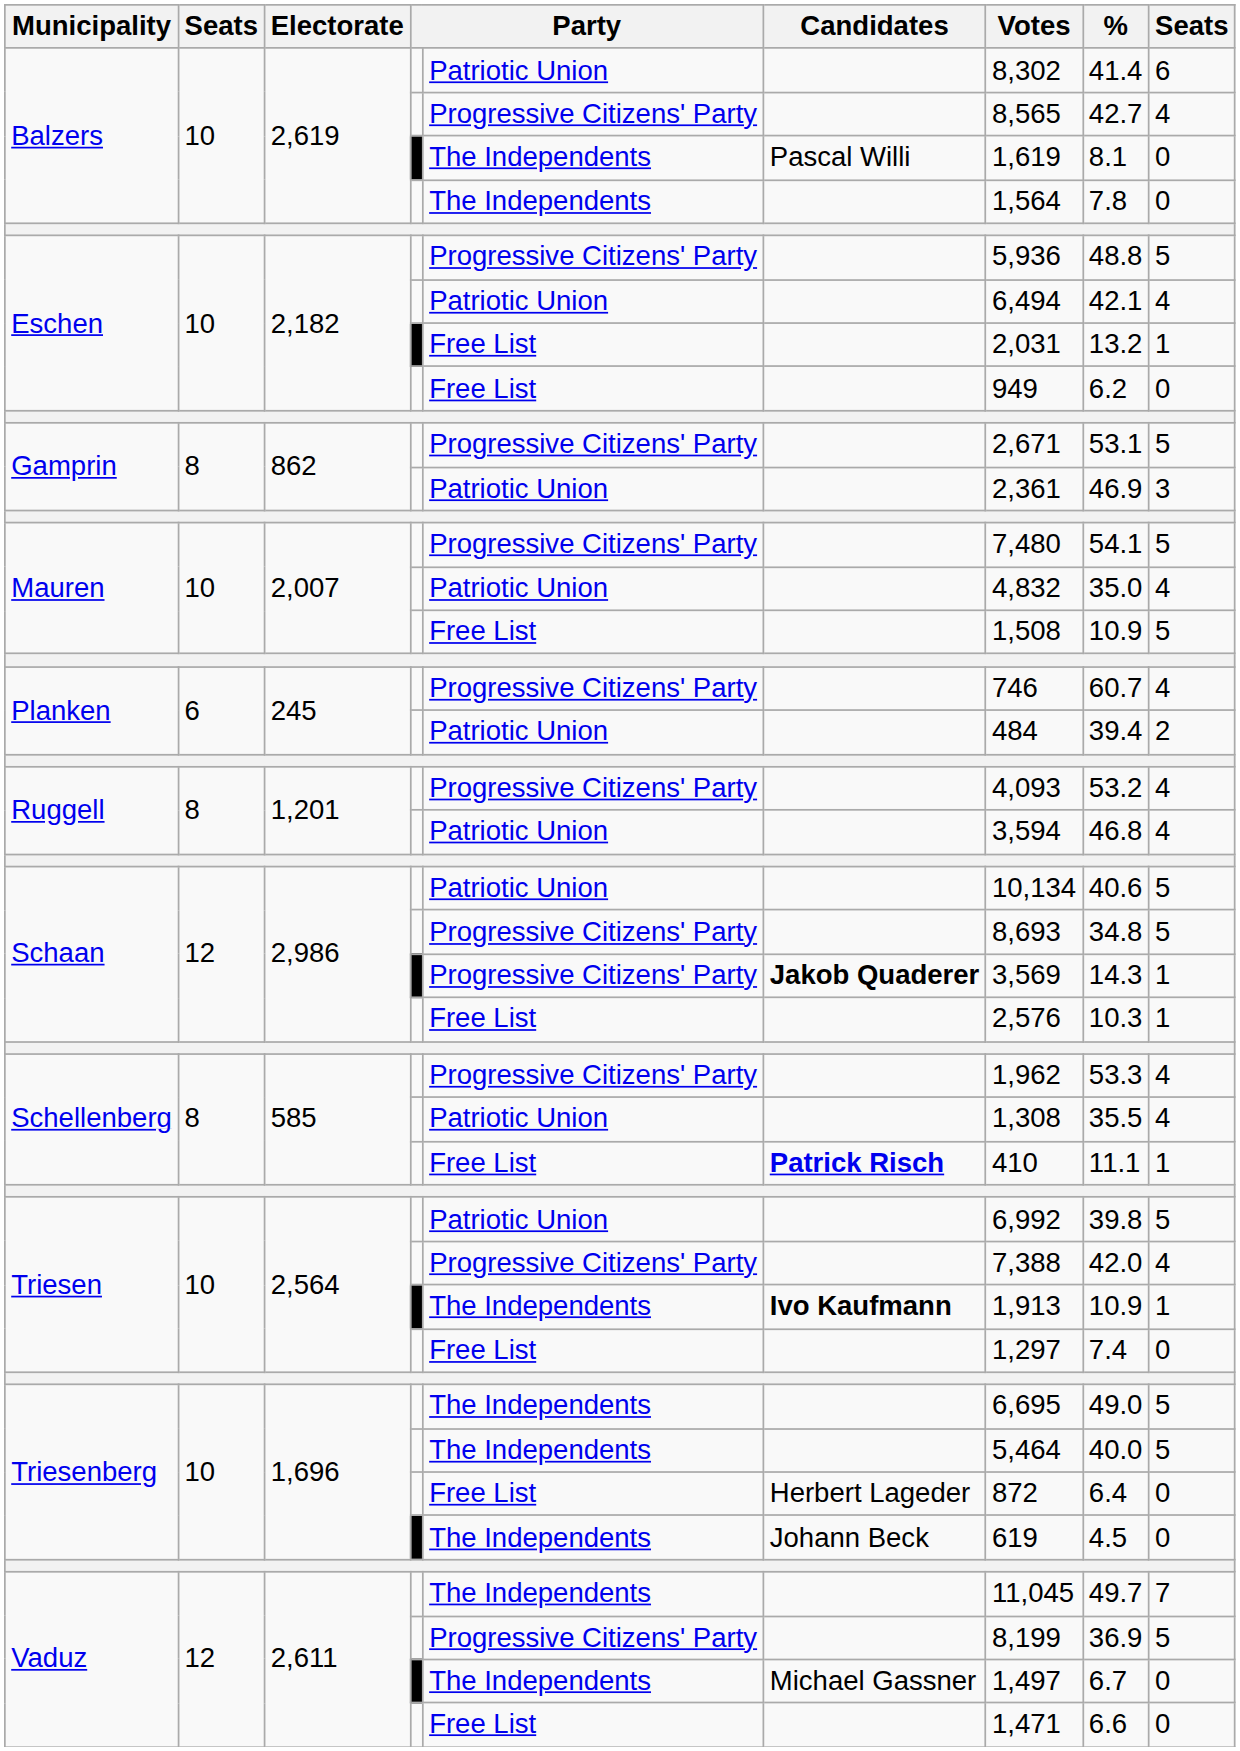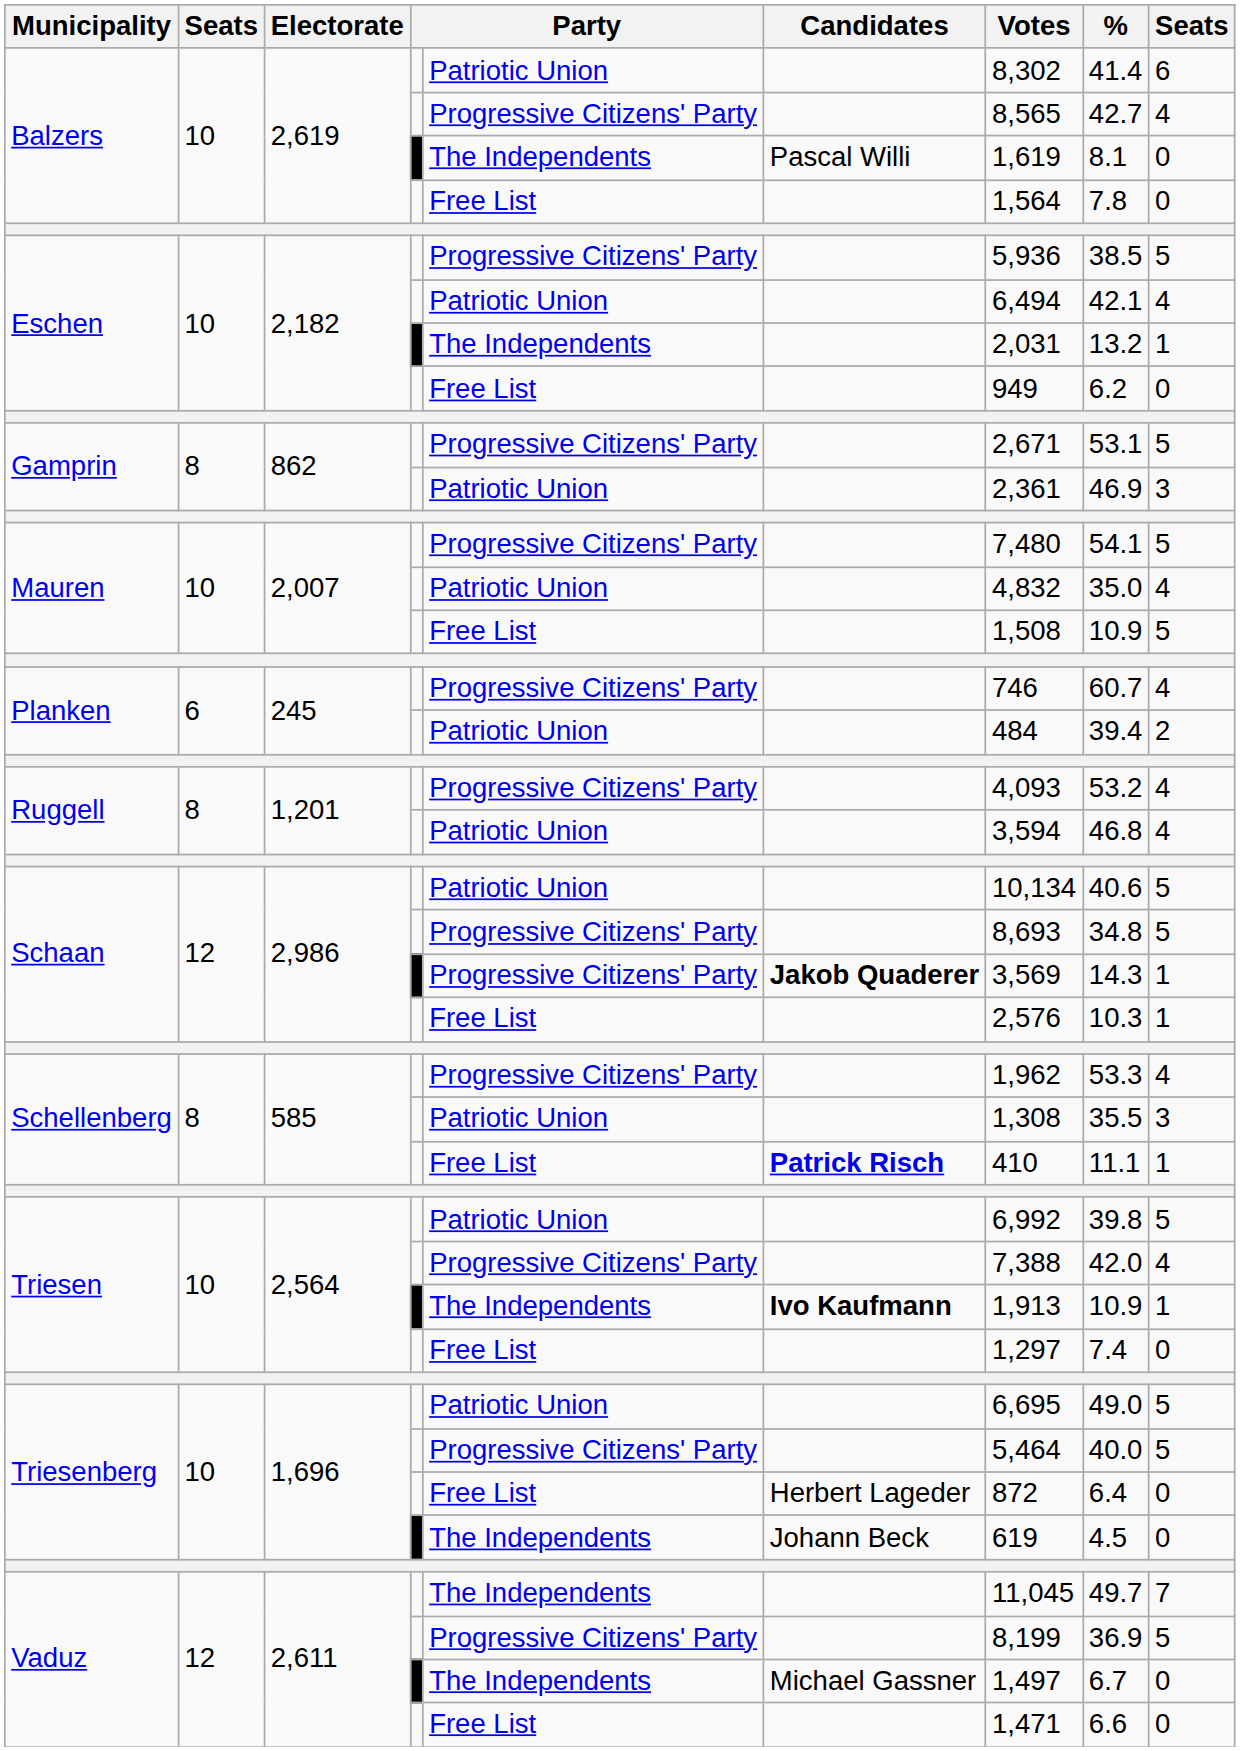 <table class="wikitable">
 <tr>
 <th>Municipality</th>
 <th>Seats</th>
 <th>Electorate</th>
 <th colspan="2">Party</th>
 <th>Candidates</th>
 <th>Votes</th>
 <th>%</th>
 <th>Seats</th>
 </tr>
 <tr>
 <td rowspan="4"><a href='#'>Balzers</a></td>
 <td rowspan="4">10</td>
 <td rowspan="4">2,619</td>
 <td style="color:inherit;background:"></td>
 <td><a href='#'>Patriotic Union</a></td>
 <td></td>
 <td>8,302</td>
 <td>41.4</td>
 <td>6</td>
 </tr>
 <tr>
 <td style="color:inherit;background:"></td>
 <td><a href='#'>Progressive Citizens' Party</a></td>
 <td></td>
 <td>8,565</td>
 <td>42.7</td>
 <td>4</td>
 </tr>
 <tr>
 <td bgcolor="black"></td>
 <td><a href='#'>The Independents</a></td>
 <td>Pascal Willi</td>
 <td>1,619</td>
 <td>8.1</td>
 <td>0</td>
 </tr>
 <tr>
 <td style="color:inherit;background:"></td>
-<td><a href='#'>The Independents</a></td>
+<td><a href='#'>Free List</a></td>
 <td></td>
 <td>1,564</td>
 <td>7.8</td>
 <td>0</td>
 </tr>
 <tr>
 <th colspan="9"></th>
 </tr>
 <tr>
 <td rowspan="4"><a href='#'>Eschen</a></td>
 <td rowspan="4">10</td>
 <td rowspan="4">2,182</td>
 <td style="color:inherit;background:"></td>
 <td><a href='#'>Progressive Citizens' Party</a></td>
 <td></td>
 <td>5,936</td>
-<td>48.8</td>
+<td>38.5</td>
 <td>5</td>
 </tr>
 <tr>
 <td style="color:inherit;background:"></td>
 <td><a href='#'>Patriotic Union</a></td>
 <td></td>
 <td>6,494</td>
 <td>42.1</td>
 <td>4</td>
 </tr>
 <tr>
 <td bgcolor="black"></td>
-<td><a href='#'>Free List</a></td>
+<td><a href='#'>The Independents</a></td>
 <td></td>
 <td>2,031</td>
 <td>13.2</td>
 <td>1</td>
 </tr>
 <tr>
 <td style="color:inherit;background:"></td>
 <td><a href='#'>Free List</a></td>
 <td></td>
 <td>949</td>
 <td>6.2</td>
 <td>0</td>
 </tr>
 <tr>
 <th colspan="9"></th>
 </tr>
 <tr>
 <td rowspan="2"><a href='#'>Gamprin</a></td>
 <td rowspan="2">8</td>
 <td rowspan="2">862</td>
 <td style="color:inherit;background:"></td>
 <td><a href='#'>Progressive Citizens' Party</a></td>
 <td></td>
 <td>2,671</td>
 <td>53.1</td>
 <td>5</td>
 </tr>
 <tr>
 <td style="color:inherit;background:"></td>
 <td><a href='#'>Patriotic Union</a></td>
 <td></td>
 <td>2,361</td>
 <td>46.9</td>
 <td>3</td>
 </tr>
 <tr>
 <th colspan="9"></th>
 </tr>
 <tr>
 <td rowspan="3"><a href='#'>Mauren</a></td>
 <td rowspan="3">10</td>
 <td rowspan="3">2,007</td>
 <td style="color:inherit;background:"></td>
 <td><a href='#'>Progressive Citizens' Party</a></td>
 <td></td>
 <td>7,480</td>
 <td>54.1</td>
 <td>5</td>
 </tr>
 <tr>
 <td style="color:inherit;background:"></td>
 <td><a href='#'>Patriotic Union</a></td>
 <td></td>
 <td>4,832</td>
 <td>35.0</td>
 <td>4</td>
 </tr>
 <tr>
 <td style="color:inherit;background:"></td>
 <td><a href='#'>Free List</a></td>
 <td></td>
 <td>1,508</td>
 <td>10.9</td>
 <td>5</td>
 </tr>
 <tr>
 <th colspan="9"></th>
 </tr>
 <tr>
 <td rowspan="2"><a href='#'>Planken</a></td>
 <td rowspan="2">6</td>
 <td rowspan="2">245</td>
 <td style="color:inherit;background:"></td>
 <td><a href='#'>Progressive Citizens' Party</a></td>
 <td></td>
 <td>746</td>
 <td>60.7</td>
 <td>4</td>
 </tr>
 <tr>
 <td style="color:inherit;background:"></td>
 <td><a href='#'>Patriotic Union</a></td>
 <td></td>
 <td>484</td>
 <td>39.4</td>
 <td>2</td>
 </tr>
 <tr>
 <th colspan="9"></th>
 </tr>
 <tr>
 <td rowspan="2"><a href='#'>Ruggell</a></td>
 <td rowspan="2">8</td>
 <td rowspan="2">1,201</td>
 <td style="color:inherit;background:"></td>
 <td><a href='#'>Progressive Citizens' Party</a></td>
 <td></td>
 <td>4,093</td>
 <td>53.2</td>
 <td>4</td>
 </tr>
 <tr>
 <td style="color:inherit;background:"></td>
 <td><a href='#'>Patriotic Union</a></td>
 <td></td>
 <td>3,594</td>
 <td>46.8</td>
 <td>4</td>
 </tr>
 <tr>
 <th colspan="9"></th>
 </tr>
 <tr>
 <td rowspan="4"><a href='#'>Schaan</a></td>
 <td rowspan="4">12</td>
 <td rowspan="4">2,986</td>
 <td style="color:inherit;background:"></td>
 <td><a href='#'>Patriotic Union</a></td>
 <td></td>
 <td>10,134</td>
 <td>40.6</td>
 <td>5</td>
 </tr>
 <tr>
 <td style="color:inherit;background:"></td>
 <td><a href='#'>Progressive Citizens' Party</a></td>
 <td></td>
 <td>8,693</td>
 <td>34.8</td>
 <td>5</td>
 </tr>
 <tr>
 <td bgcolor="black"></td>
 <td><a href='#'>Progressive Citizens' Party</a></td>
 <td><strong>Jakob Quaderer</strong></td>
 <td>3,569</td>
 <td>14.3</td>
 <td>1</td>
 </tr>
 <tr>
 <td style="color:inherit;background:"></td>
 <td><a href='#'>Free List</a></td>
 <td></td>
 <td>2,576</td>
 <td>10.3</td>
 <td>1</td>
 </tr>
 <tr>
 <th colspan="9"></th>
 </tr>
 <tr>
 <td rowspan="3"><a href='#'>Schellenberg</a></td>
 <td rowspan="3">8</td>
 <td rowspan="3">585</td>
 <td style="color:inherit;background:"></td>
 <td><a href='#'>Progressive Citizens' Party</a></td>
 <td></td>
 <td>1,962</td>
 <td>53.3</td>
 <td>4</td>
 </tr>
 <tr>
 <td style="color:inherit;background:"></td>
 <td><a href='#'>Patriotic Union</a></td>
 <td></td>
 <td>1,308</td>
 <td>35.5</td>
-<td>4</td>
+<td>3</td>
 </tr>
 <tr>
 <td style="color:inherit;background:"></td>
 <td><a href='#'>Free List</a></td>
 <td><strong><a href='#'>Patrick Risch</a></strong></td>
 <td>410</td>
 <td>11.1</td>
 <td>1</td>
 </tr>
 <tr>
 <th colspan="9"></th>
 </tr>
 <tr>
 <td rowspan="4"><a href='#'>Triesen</a></td>
 <td rowspan="4">10</td>
 <td rowspan="4">2,564</td>
 <td style="color:inherit;background:"></td>
 <td><a href='#'>Patriotic Union</a></td>
 <td></td>
 <td>6,992</td>
 <td>39.8</td>
 <td>5</td>
 </tr>
 <tr>
 <td style="color:inherit;background:"></td>
 <td><a href='#'>Progressive Citizens' Party</a></td>
 <td></td>
 <td>7,388</td>
 <td>42.0</td>
 <td>4</td>
 </tr>
 <tr>
 <td bgcolor="black"></td>
 <td><a href='#'>The Independents</a></td>
 <td><strong>Ivo Kaufmann</strong></td>
 <td>1,913</td>
 <td>10.9</td>
 <td>1</td>
 </tr>
 <tr>
 <td style="color:inherit;background:"></td>
 <td><a href='#'>Free List</a></td>
 <td></td>
 <td>1,297</td>
 <td>7.4</td>
 <td>0</td>
 </tr>
 <tr>
 <th colspan="9"></th>
 </tr>
 <tr>
 <td rowspan="4"><a href='#'>Triesenberg</a></td>
 <td rowspan="4">10</td>
 <td rowspan="4">1,696</td>
 <td style="color:inherit;background:"></td>
-<td><a href='#'>The Independents</a></td>
+<td><a href='#'>Patriotic Union</a></td>
 <td></td>
 <td>6,695</td>
 <td>49.0</td>
 <td>5</td>
 </tr>
 <tr>
 <td style="color:inherit;background:"></td>
-<td><a href='#'>The Independents</a></td>
+<td><a href='#'>Progressive Citizens' Party</a></td>
 <td></td>
 <td>5,464</td>
 <td>40.0</td>
 <td>5</td>
 </tr>
 <tr>
 <td style="color:inherit;background:"></td>
 <td><a href='#'>Free List</a></td>
 <td>Herbert Lageder</td>
 <td>872</td>
 <td>6.4</td>
 <td>0</td>
 </tr>
 <tr>
 <td bgcolor="black"></td>
 <td><a href='#'>The Independents</a></td>
 <td>Johann Beck</td>
 <td>619</td>
 <td>4.5</td>
 <td>0</td>
 </tr>
 <tr>
 <th colspan="9"></th>
 </tr>
 <tr>
 <td rowspan="4"><a href='#'>Vaduz</a></td>
 <td rowspan="4">12</td>
 <td rowspan="4">2,611</td>
 <td style="color:inherit;background:"></td>
 <td><a href='#'>The Independents</a></td>
 <td></td>
 <td>11,045</td>
 <td>49.7</td>
 <td>7</td>
 </tr>
 <tr>
 <td style="color:inherit;background:"></td>
 <td><a href='#'>Progressive Citizens' Party</a></td>
 <td></td>
 <td>8,199</td>
 <td>36.9</td>
 <td>5</td>
 </tr>
 <tr>
 <td bgcolor="black"></td>
 <td><a href='#'>The Independents</a></td>
 <td>Michael Gassner</td>
 <td>1,497</td>
 <td>6.7</td>
 <td>0</td>
 </tr>
 <tr>
 <td style="color:inherit;background:"></td>
 <td><a href='#'>Free List</a></td>
 <td></td>
 <td>1,471</td>
 <td>6.6</td>
 <td>0</td>
 </tr>
 </table>
